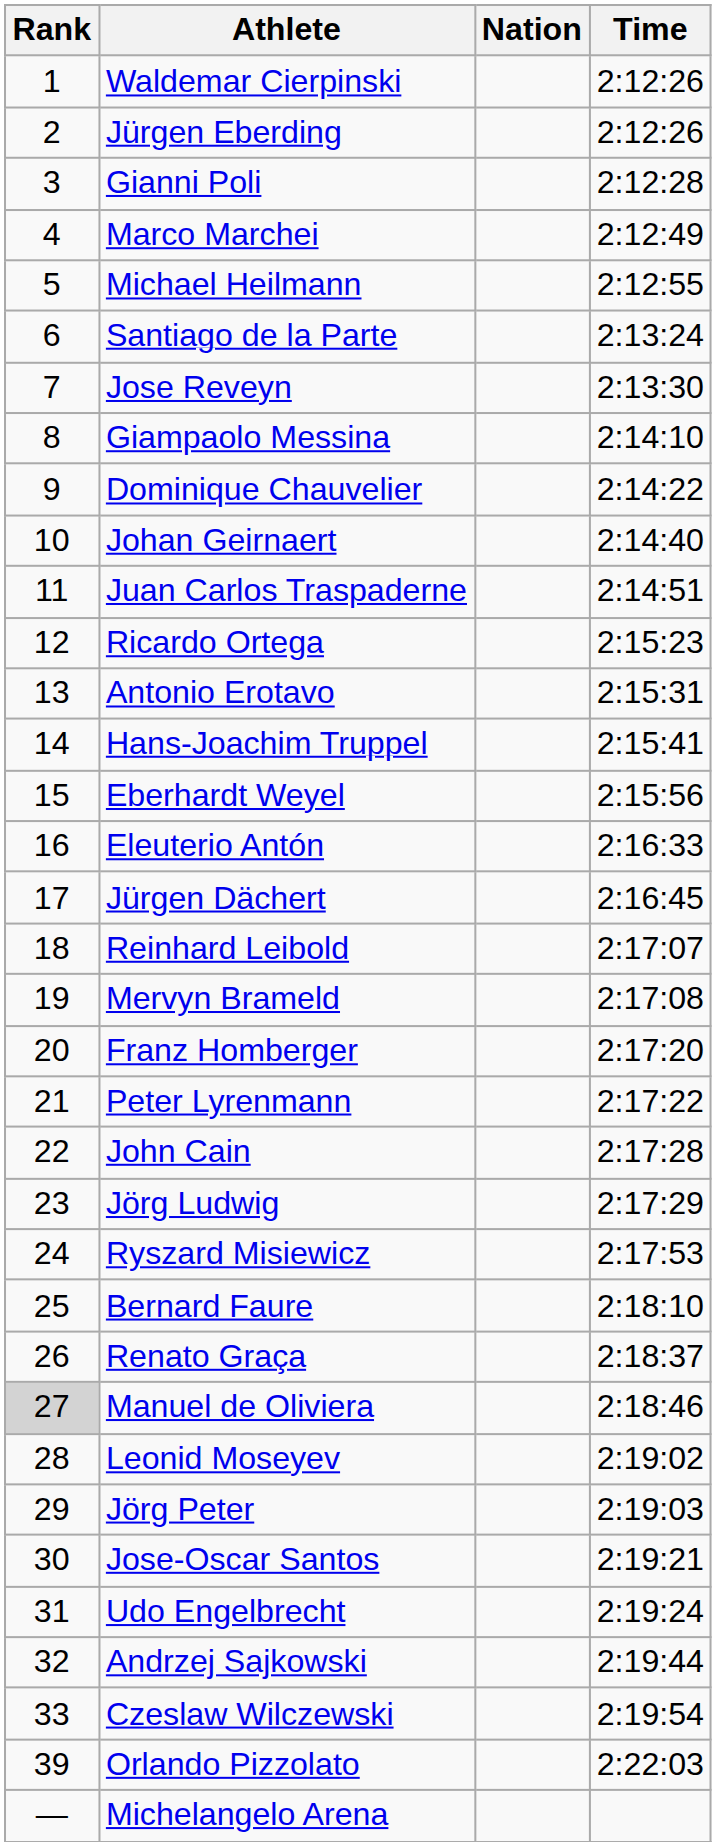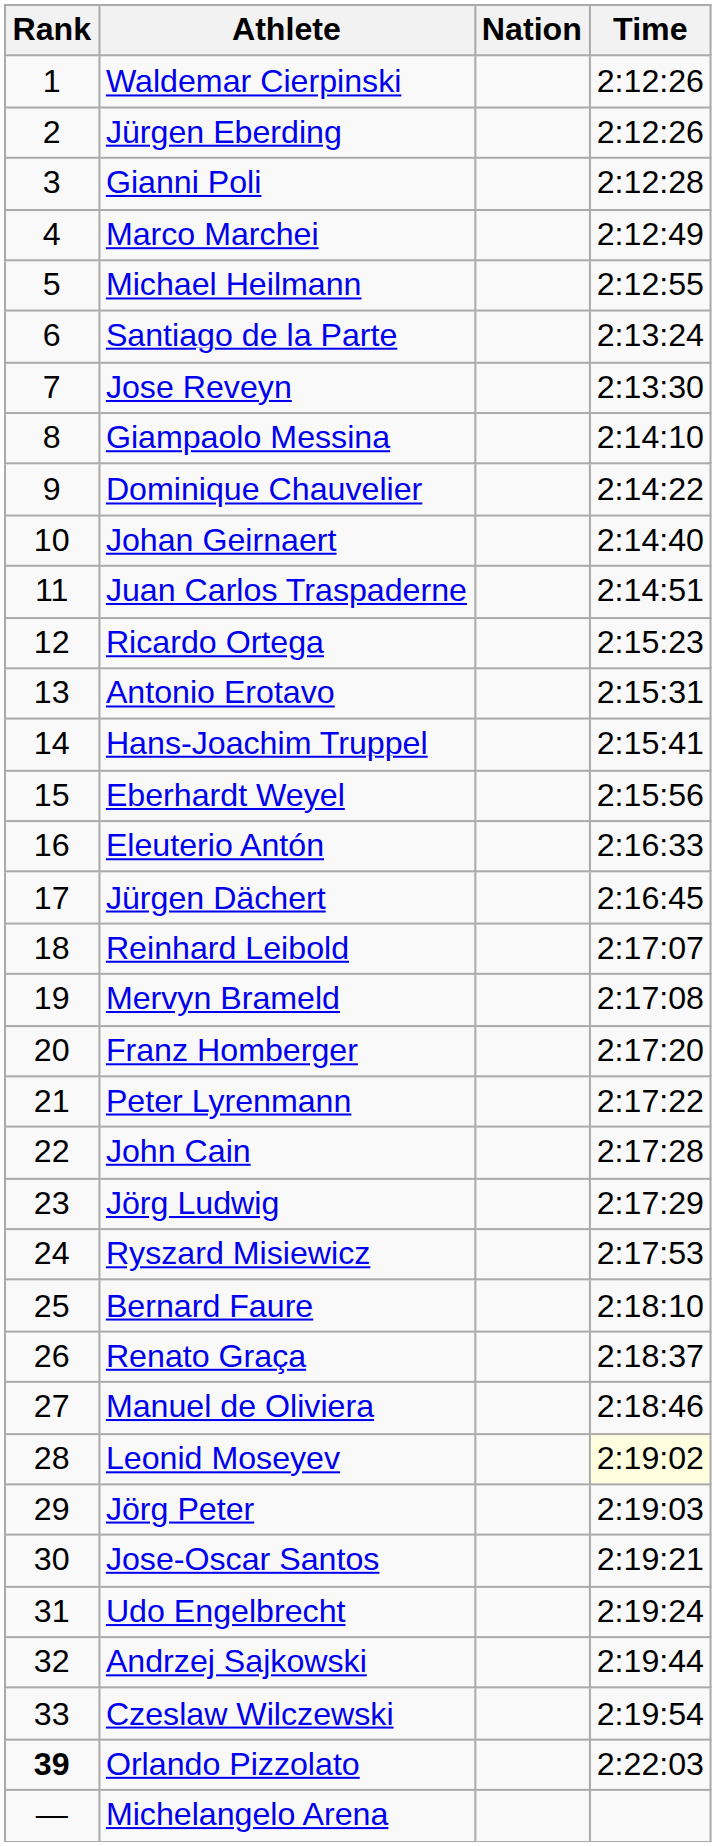 <table class="wikitable sortable" style="text-align:center;">
 <tr>
 <th>Rank</th>
 <th>Athlete</th>
 <th>Nation</th>
 <th>Time</th>
 </tr>
 <tr>
 <td>1</td>
 <td align=left><a href='#'>Waldemar Cierpinski</a></td>
 <td align=left></td>
 <td>2:12:26</td>
 </tr>
 <tr>
 <td>2</td>
 <td align=left><a href='#'>Jürgen Eberding</a></td>
 <td align=left></td>
 <td>2:12:26</td>
 </tr>
 <tr>
 <td>3</td>
 <td align=left><a href='#'>Gianni Poli</a></td>
 <td align=left></td>
 <td>2:12:28</td>
 </tr>
 <tr>
 <td>4</td>
 <td align=left><a href='#'>Marco Marchei</a></td>
 <td align=left></td>
 <td>2:12:49</td>
 </tr>
 <tr>
 <td>5</td>
 <td align=left><a href='#'>Michael Heilmann</a></td>
 <td align=left></td>
 <td>2:12:55</td>
 </tr>
 <tr>
 <td>6</td>
 <td align=left><a href='#'>Santiago de la Parte</a></td>
 <td align=left></td>
 <td>2:13:24</td>
 </tr>
 <tr>
 <td>7</td>
 <td align=left><a href='#'>Jose Reveyn</a></td>
 <td align=left></td>
 <td>2:13:30</td>
 </tr>
 <tr>
 <td>8</td>
 <td align=left><a href='#'>Giampaolo Messina</a></td>
 <td align=left></td>
 <td>2:14:10</td>
 </tr>
 <tr>
 <td>9</td>
 <td align=left><a href='#'>Dominique Chauvelier</a></td>
 <td align=left></td>
 <td>2:14:22</td>
 </tr>
 <tr>
 <td>10</td>
 <td align=left><a href='#'>Johan Geirnaert</a></td>
 <td align=left></td>
 <td>2:14:40</td>
 </tr>
 <tr>
 <td>11</td>
 <td align=left><a href='#'>Juan Carlos Traspaderne</a></td>
 <td align=left></td>
 <td>2:14:51</td>
 </tr>
 <tr>
 <td>12</td>
 <td align=left><a href='#'>Ricardo Ortega</a></td>
 <td align=left></td>
 <td>2:15:23</td>
 </tr>
 <tr>
 <td>13</td>
 <td align=left><a href='#'>Antonio Erotavo</a></td>
 <td align=left></td>
 <td>2:15:31</td>
 </tr>
 <tr>
 <td>14</td>
 <td align=left><a href='#'>Hans-Joachim Truppel</a></td>
 <td align=left></td>
 <td>2:15:41</td>
 </tr>
 <tr>
 <td>15</td>
 <td align=left><a href='#'>Eberhardt Weyel</a></td>
 <td align=left></td>
 <td>2:15:56</td>
 </tr>
 <tr>
 <td>16</td>
 <td align=left><a href='#'>Eleuterio Antón</a></td>
 <td align=left></td>
 <td>2:16:33</td>
 </tr>
 <tr>
 <td>17</td>
 <td align=left><a href='#'>Jürgen Dächert</a></td>
 <td align=left></td>
 <td>2:16:45</td>
 </tr>
 <tr>
 <td>18</td>
 <td align=left><a href='#'>Reinhard Leibold</a></td>
 <td align=left></td>
 <td>2:17:07</td>
 </tr>
 <tr>
 <td>19</td>
 <td align=left><a href='#'>Mervyn Brameld</a></td>
 <td align=left></td>
 <td>2:17:08</td>
 </tr>
 <tr>
 <td>20</td>
 <td align=left><a href='#'>Franz Homberger</a></td>
 <td align=left></td>
 <td>2:17:20</td>
 </tr>
 <tr>
 <td>21</td>
 <td align=left><a href='#'>Peter Lyrenmann</a></td>
 <td align=left></td>
 <td>2:17:22</td>
 </tr>
 <tr>
 <td>22</td>
 <td align=left><a href='#'>John Cain</a></td>
 <td align=left></td>
 <td>2:17:28</td>
 </tr>
 <tr>
 <td>23</td>
 <td align=left><a href='#'>Jörg Ludwig</a></td>
 <td align=left></td>
 <td>2:17:29</td>
 </tr>
 <tr>
 <td>24</td>
 <td align=left><a href='#'>Ryszard Misiewicz</a></td>
 <td align=left></td>
 <td>2:17:53</td>
 </tr>
 <tr>
 <td>25</td>
 <td align=left><a href='#'>Bernard Faure</a></td>
 <td align=left></td>
 <td>2:18:10</td>
 </tr>
 <tr>
 <td>26</td>
 <td align=left><a href='#'>Renato Graça</a></td>
 <td align=left></td>
 <td>2:18:37</td>
 </tr>
 <tr>
-<td style="background: lightgrey;">27</td>
+<td>27</td>
 <td align=left><a href='#'>Manuel de Oliviera</a></td>
 <td align=left></td>
 <td>2:18:46</td>
 </tr>
 <tr>
 <td>28</td>
 <td align=left><a href='#'>Leonid Moseyev</a></td>
 <td align=left></td>
-<td>2:19:02</td>
+<td style="background: lightyellow;">2:19:02</td>
 </tr>
 <tr>
 <td>29</td>
 <td align=left><a href='#'>Jörg Peter</a></td>
 <td align=left></td>
 <td>2:19:03</td>
 </tr>
 <tr>
 <td>30</td>
 <td align=left><a href='#'>Jose-Oscar Santos</a></td>
 <td align=left></td>
 <td>2:19:21</td>
 </tr>
 <tr>
 <td>31</td>
 <td align=left><a href='#'>Udo Engelbrecht</a></td>
 <td align=left></td>
 <td>2:19:24</td>
 </tr>
 <tr>
 <td>32</td>
 <td align=left><a href='#'>Andrzej Sajkowski</a></td>
 <td align=left></td>
 <td>2:19:44</td>
 </tr>
 <tr>
 <td>33</td>
 <td align=left><a href='#'>Czeslaw Wilczewski</a></td>
 <td align=left></td>
 <td>2:19:54</td>
 </tr>
 <tr>
-<td>39</td>
+<td><strong>39</strong></td>
 <td align=left><a href='#'>Orlando Pizzolato</a></td>
 <td align=left></td>
 <td>2:22:03</td>
 </tr>
 <tr>
 <td>—</td>
 <td align=left><a href='#'>Michelangelo Arena</a></td>
 <td align=left></td>
 <td></td>
 </tr>
 <tr>
 </tr>
 </table>
